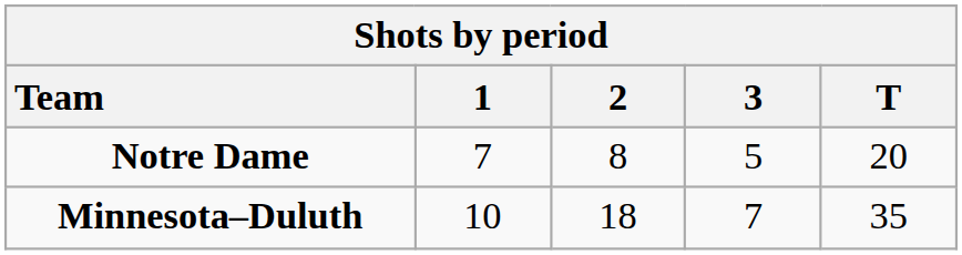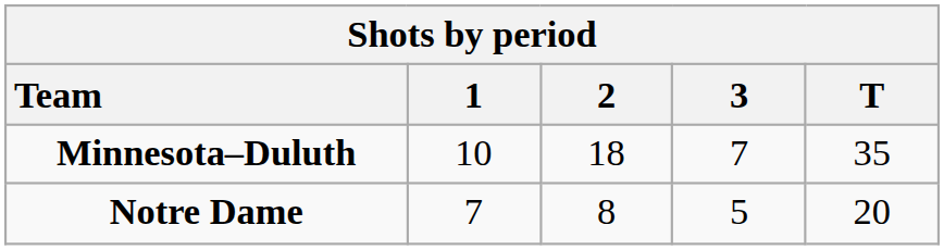 <table class="wikitable" style="width:25em; text-align:right;">
 <tr>
 <th colspan=5>Shots by period</th>
 </tr>
 <tr>
 <th style="width:10em; text-align:left;">Team</th>
 <th style="width:3em;">1</th>
 <th style="width:3em;">2</th>
 <th style="width:3em;">3</th>
 <th style="width:3em;">T</th>
 </tr>
 <tr>
+<td align=center><strong>Minnesota–Duluth </strong></td>
+<td align=center>10</td>
+<td align=center>18</td>
+<td align=center>7</td>
+<td align=center>35</td>
+</tr>
+<tr>
 <td align=center><strong>Notre Dame</strong></td>
 <td align=center>7</td>
 <td align=center>8</td>
 <td align=center>5</td>
 <td align=center>20</td>
 </tr>
-<tr>
-<td align=center><strong>Minnesota–Duluth </strong></td>
-<td align=center>10</td>
-<td align=center>18</td>
-<td align=center>7</td>
-<td align=center>35</td>
-</tr>
 </table>
